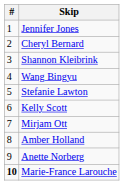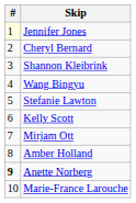 <table class="wikitable">
 <tr>
 <th>#</th>
 <th>Skip</th>
 </tr>
 <tr>
-<td>1</td>
+<td style="background: lightyellow;">1</td>
 <td> <a href='#'>Jennifer Jones</a></td>
 </tr>
 <tr>
 <td>2</td>
 <td> <a href='#'>Cheryl Bernard</a></td>
 </tr>
 <tr>
 <td>3</td>
 <td> <a href='#'>Shannon Kleibrink</a></td>
 </tr>
 <tr>
 <td>4</td>
 <td> <a href='#'>Wang Bingyu</a></td>
 </tr>
 <tr>
 <td>5</td>
 <td> <a href='#'>Stefanie Lawton</a></td>
 </tr>
 <tr>
 <td>6</td>
 <td> <a href='#'>Kelly Scott</a></td>
 </tr>
 <tr>
 <td>7</td>
 <td> <a href='#'>Mirjam Ott</a></td>
 </tr>
 <tr>
 <td>8</td>
 <td> <a href='#'>Amber Holland</a></td>
 </tr>
 <tr>
-<td>9</td>
+<td><strong>9</strong></td>
 <td> <a href='#'>Anette Norberg</a></td>
 </tr>
 <tr>
-<td><strong>10</strong></td>
+<td>10</td>
 <td> <a href='#'>Marie-France Larouche</a></td>
 </tr>
 </table>
